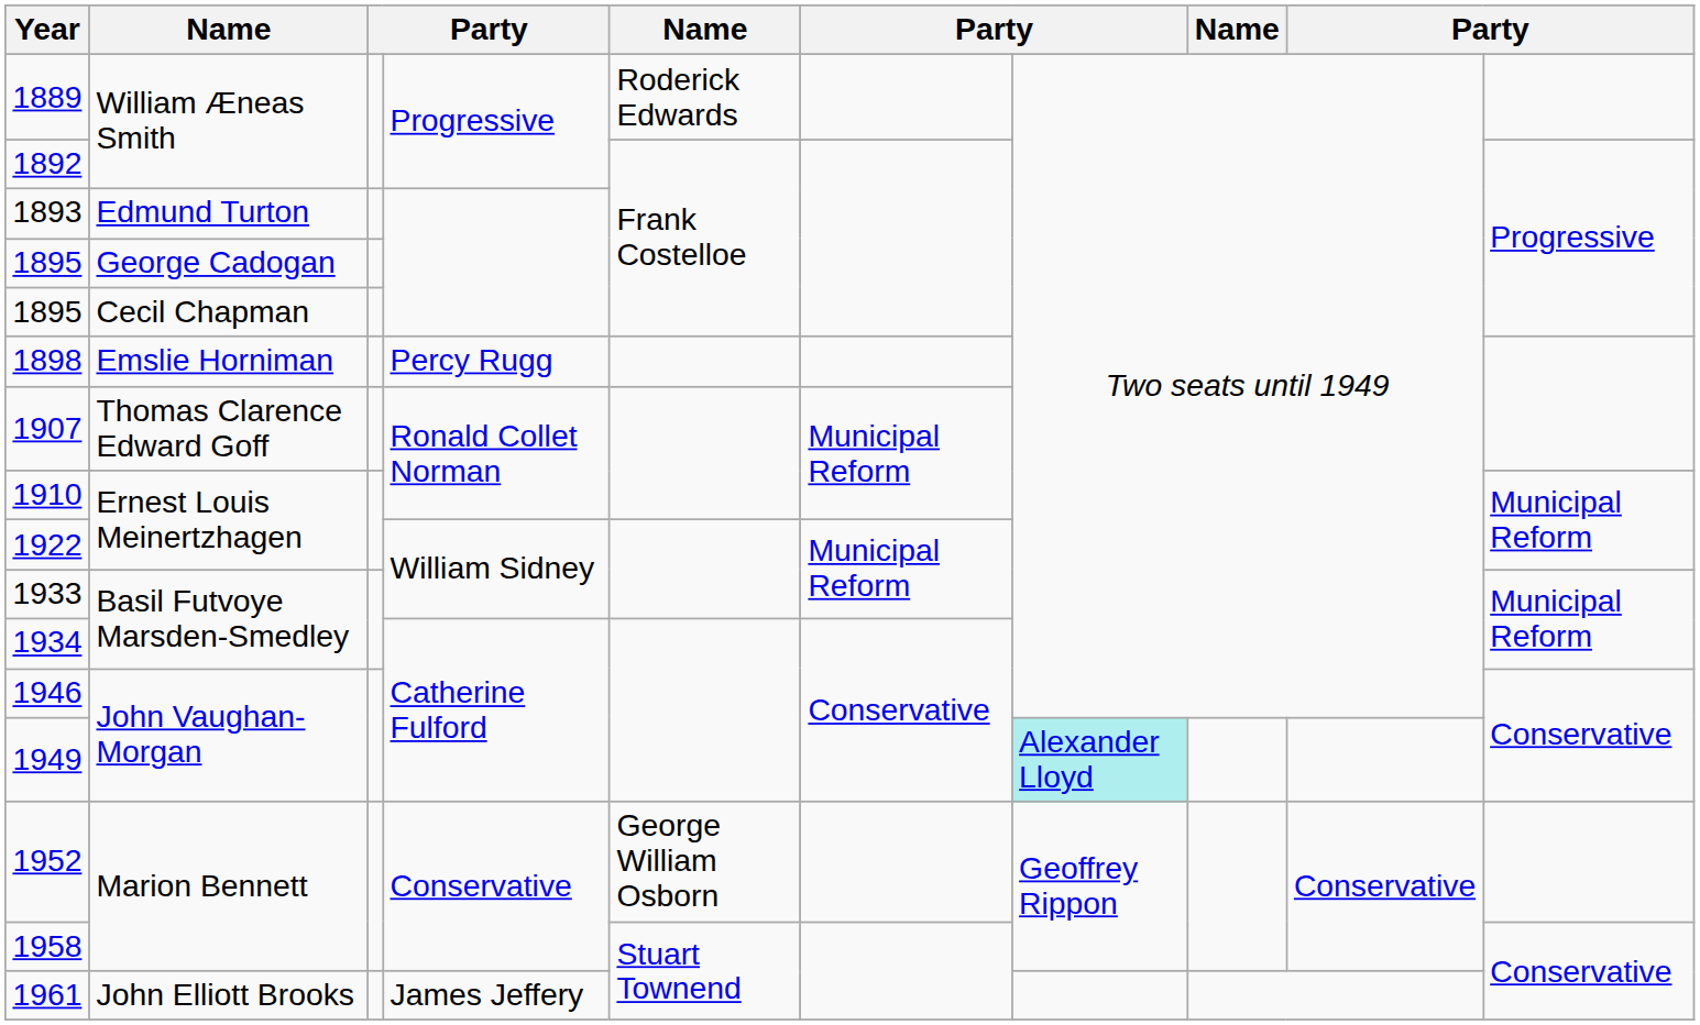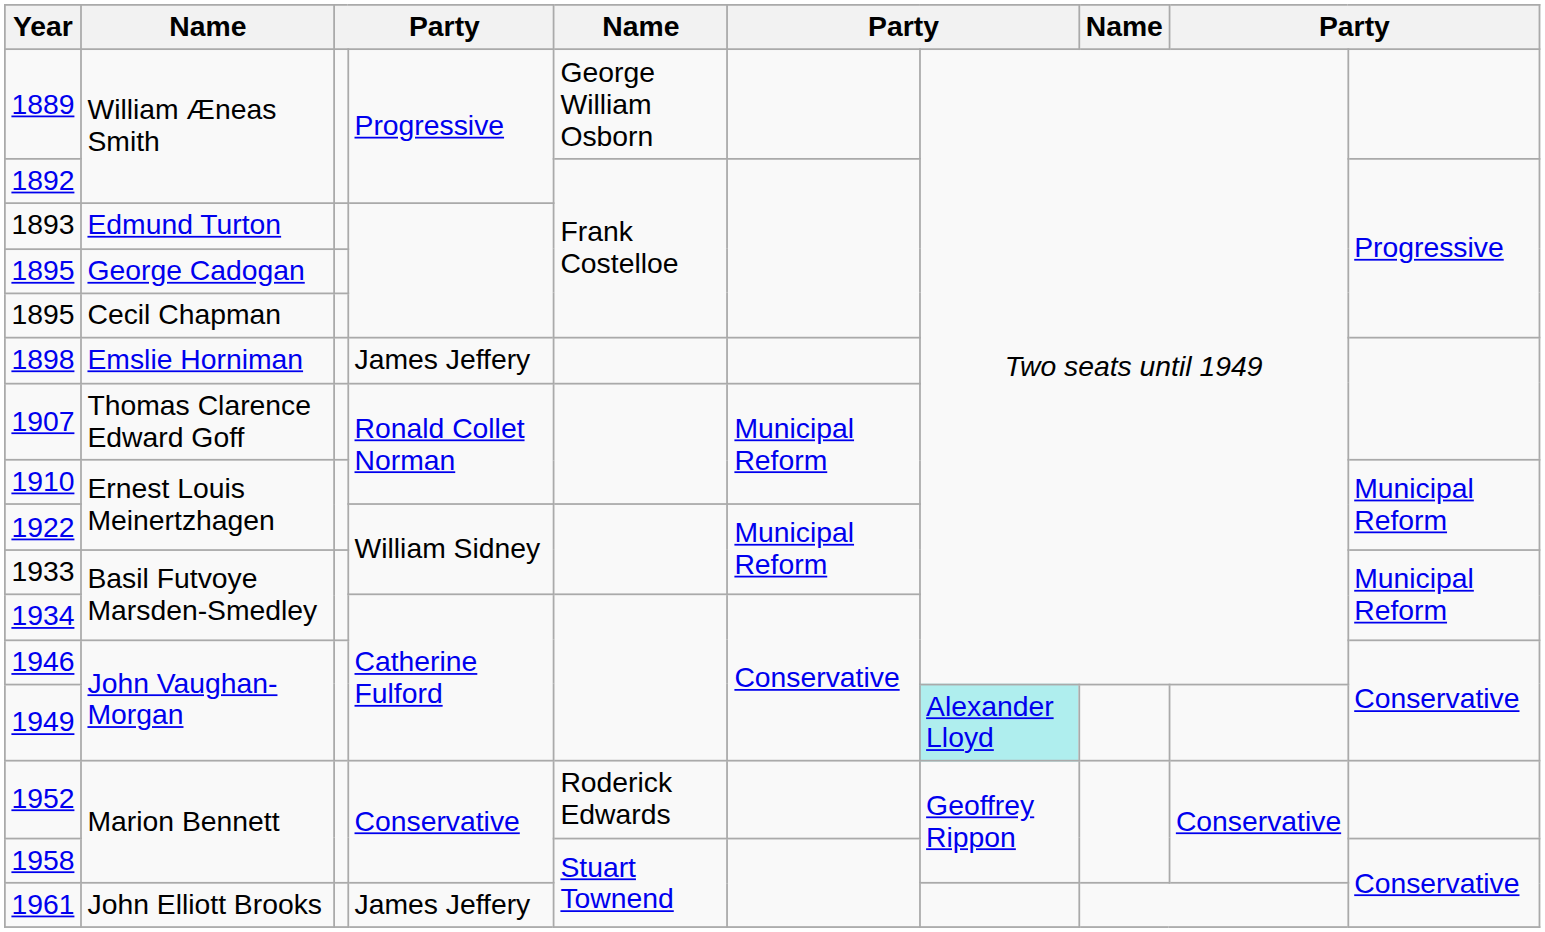 <table class="wikitable">
 <tr>
 <th>Year</th>
 <th>Name</th>
 <th colspan=2>Party</th>
 <th>Name</th>
 <th colspan=2>Party</th>
 <th>Name</th>
 <th colspan=2>Party</th>
 </tr>
 <tr>
 <td><a href='#'>1889</a></td>
 <td rowspan=2>William Æneas Smith</td>
 <td rowspan=2 style="background-color: "></td>
 <td rowspan=2><a href='#'>Progressive</a></td>
-<td>Roderick Edwards</td>
+<td>George William Osborn</td>
 <td></td>
 <td rowspan=12 colspan=3 align="center"><em>Two seats until 1949</em></td>
 </tr>
 <tr>
 <td><a href='#'>1892</a></td>
 <td rowspan=4>Frank Costelloe</td>
 <td rowspan=4 style="background-color: "></td>
 <td rowspan=4><a href='#'>Progressive</a></td>
 </tr>
 <tr>
 <td>1893</td>
 <td><a href='#'>Edmund Turton</a></td>
 <td></td>
 </tr>
 <tr>
 <td><a href='#'>1895</a></td>
 <td><a href='#'>George Cadogan</a></td>
 <td></td>
 </tr>
 <tr>
 <td>1895</td>
 <td>Cecil Chapman</td>
 <td></td>
 </tr>
 <tr>
 <td><a href='#'>1898</a></td>
 <td><a href='#'>Emslie Horniman</a></td>
 <td></td>
-<td><a href='#'>Percy Rugg</a></td>
+<td>James Jeffery</td>
 <td></td>
 </tr>
 <tr>
 <td><a href='#'>1907</a></td>
 <td>Thomas Clarence Edward Goff</td>
 <td></td>
 <td rowspan=2><a href='#'>Ronald Collet Norman</a></td>
 <td rowspan=2 style="background-color: "></td>
 <td rowspan=2><a href='#'>Municipal Reform</a></td>
 </tr>
 <tr>
 <td><a href='#'>1910</a></td>
 <td rowspan=2>Ernest Louis Meinertzhagen</td>
 <td rowspan=2 style="background-color: "></td>
 <td rowspan=2><a href='#'>Municipal Reform</a></td>
 </tr>
 <tr>
 <td><a href='#'>1922</a></td>
 <td rowspan=2>William Sidney</td>
 <td rowspan=2 style="background-color: "></td>
 <td rowspan=2><a href='#'>Municipal Reform</a></td>
 </tr>
 <tr>
 <td>1933</td>
 <td rowspan=2>Basil Futvoye Marsden-Smedley</td>
 <td rowspan=2 style="background-color: "></td>
 <td rowspan=2><a href='#'>Municipal Reform</a></td>
 </tr>
 <tr>
 <td><a href='#'>1934</a></td>
 <td rowspan=3><a href='#'>Catherine Fulford</a></td>
 <td rowspan=3 style="background-color: "></td>
 <td rowspan=3><a href='#'>Conservative</a></td>
 </tr>
 <tr>
 <td><a href='#'>1946</a></td>
 <td rowspan=2><a href='#'>John Vaughan-Morgan</a></td>
 <td rowspan=2 style="background-color: "></td>
 <td rowspan=2><a href='#'>Conservative</a></td>
 </tr>
 <tr>
 <td><a href='#'>1949</a></td>
 <td style="background: paleturquoise;"><a href='#'>Alexander Lloyd</a></td>
 <td></td>
 </tr>
 <tr>
 <td><a href='#'>1952</a></td>
 <td rowspan=2>Marion Bennett</td>
 <td rowspan=2 style="background-color: "></td>
 <td rowspan=2><a href='#'>Conservative</a></td>
-<td>George William Osborn</td>
+<td>Roderick Edwards</td>
 <td></td>
 <td rowspan=2><a href='#'>Geoffrey Rippon</a></td>
 <td rowspan=2 style="background-color: "></td>
 <td rowspan=2><a href='#'>Conservative</a></td>
 </tr>
 <tr>
 <td><a href='#'>1958</a></td>
 <td rowspan=2><a href='#'>Stuart Townend</a></td>
 <td rowspan=2 style="background-color: "></td>
 <td rowspan=2><a href='#'>Conservative</a></td>
 </tr>
 <tr>
 <td><a href='#'>1961</a></td>
 <td>John Elliott Brooks</td>
 <td></td>
 <td>James Jeffery</td>
 <td></td>
 </tr>
 </table>
